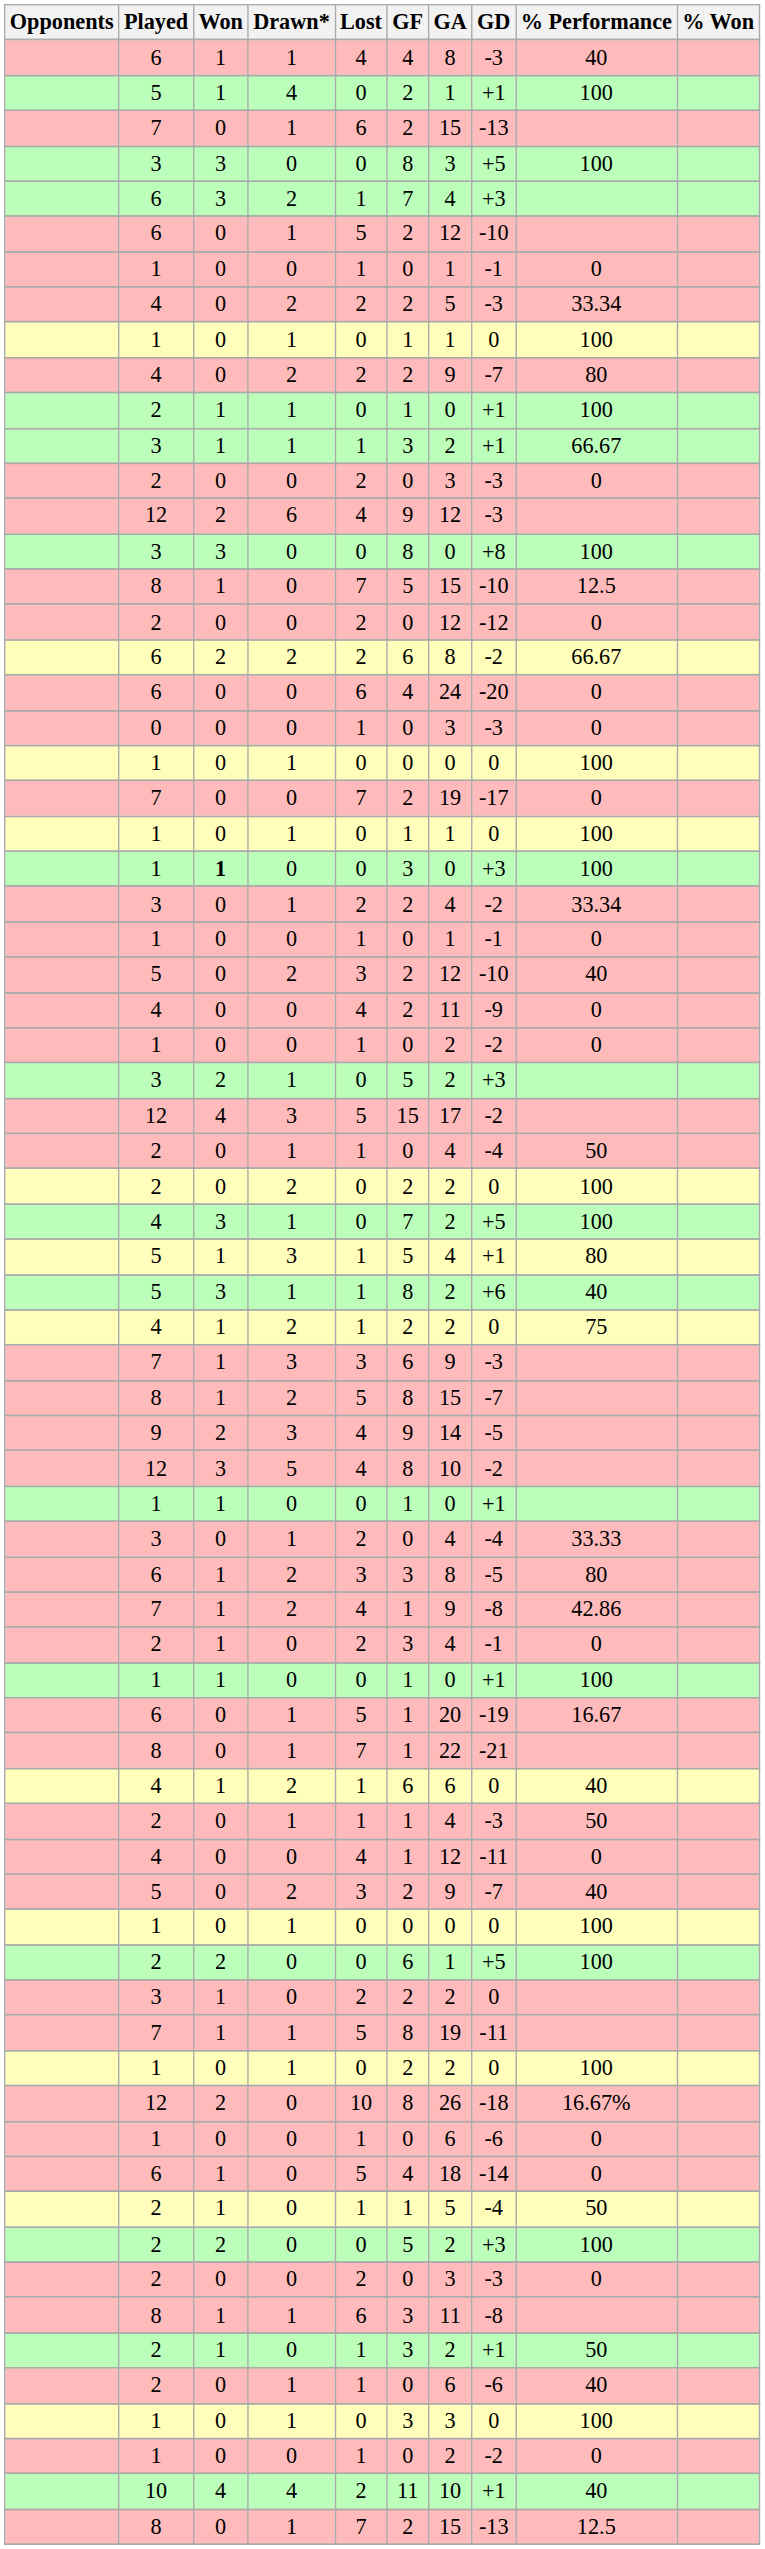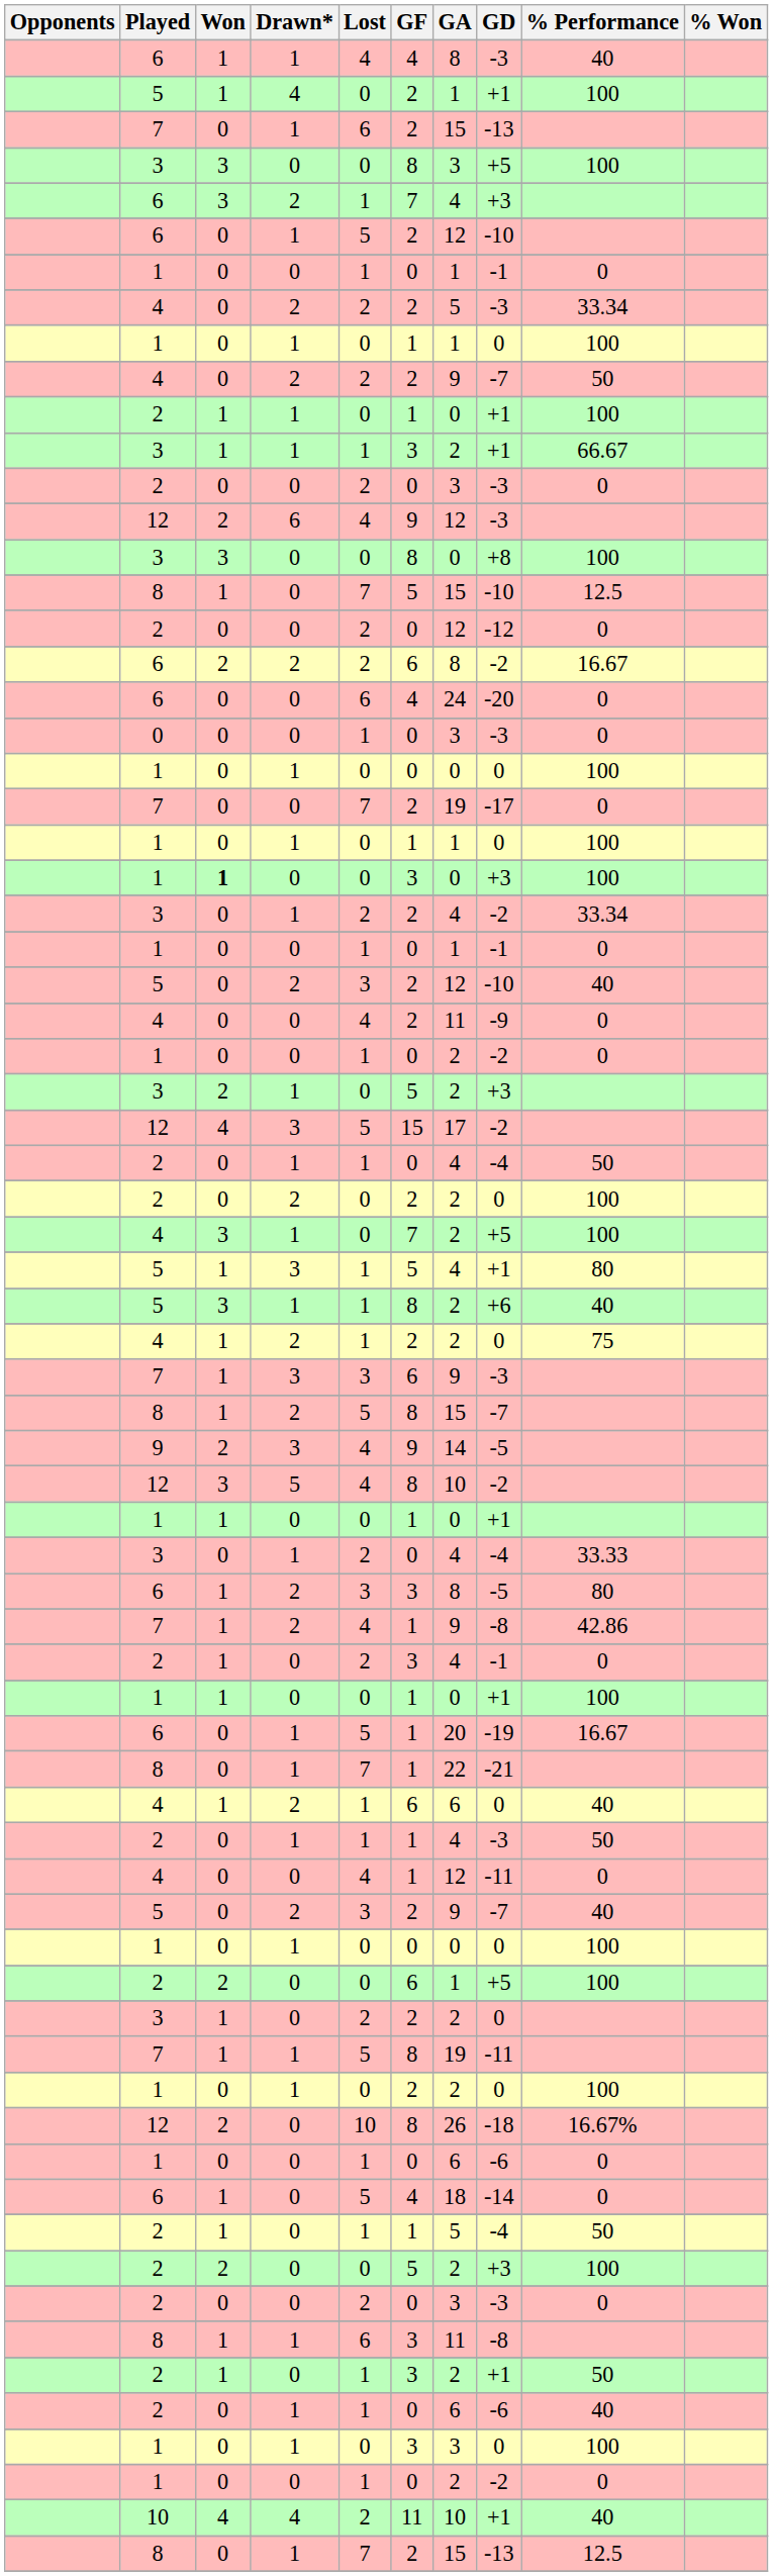 <table class="sortable wikitable" style="text-align:center">
 <tr>
 <th>Opponents</th>
 <th>Played</th>
 <th>Won</th>
 <th>Drawn*</th>
 <th>Lost</th>
 <th>GF</th>
 <th>GA</th>
 <th>GD</th>
 <th>% Performance</th>
 <th>% Won</th>
 </tr>
 <tr>
 </tr>
 <tr bgcolor=#FFBBBB>
 <td style="text-align:left;"></td>
 <td>6</td>
 <td>1</td>
 <td>1</td>
 <td>4</td>
 <td>4</td>
 <td>8</td>
 <td>-3</td>
 <td>40</td>
 <td></td>
 </tr>
 <tr>
 </tr>
 <tr bgcolor=#BBFFBB>
 <td style="text-align:left;"></td>
 <td>5</td>
 <td>1</td>
 <td>4</td>
 <td>0</td>
 <td>2</td>
 <td>1</td>
 <td>+1</td>
 <td>100</td>
 <td></td>
 </tr>
 <tr>
 </tr>
 <tr bgcolor=#FFBBBB>
 <td style="text-align:left;"></td>
 <td>7</td>
 <td>0</td>
 <td>1</td>
 <td>6</td>
 <td>2</td>
 <td>15</td>
 <td>-13</td>
 <td></td>
 <td></td>
 </tr>
 <tr>
 </tr>
 <tr bgcolor=#BBFFBB>
 <td style="text-align:left;"></td>
 <td>3</td>
 <td>3</td>
 <td>0</td>
 <td>0</td>
 <td>8</td>
 <td>3</td>
 <td>+5</td>
 <td>100</td>
 <td></td>
 </tr>
 <tr>
 </tr>
 <tr bgcolor=#BBFFBB>
 <td style="text-align:left;"></td>
 <td>6</td>
 <td>3</td>
 <td>2</td>
 <td>1</td>
 <td>7</td>
 <td>4</td>
 <td>+3</td>
 <td></td>
 <td></td>
 </tr>
 <tr>
 </tr>
 <tr bgcolor=#FFBBBB>
 <td style="text-align:left;"></td>
 <td>6</td>
 <td>0</td>
 <td>1</td>
 <td>5</td>
 <td>2</td>
 <td>12</td>
 <td>-10</td>
 <td></td>
 <td></td>
 </tr>
 <tr>
 </tr>
 <tr bgcolor=#FFBBBB>
 <td style="text-align:left;"></td>
 <td>1</td>
 <td>0</td>
 <td>0</td>
 <td>1</td>
 <td>0</td>
 <td>1</td>
 <td>-1</td>
 <td>0</td>
 <td></td>
 </tr>
 <tr>
 </tr>
 <tr bgcolor=#FFBBBB>
 <td style="text-align:left;"></td>
 <td>4</td>
 <td>0</td>
 <td>2</td>
 <td>2</td>
 <td>2</td>
 <td>5</td>
 <td>-3</td>
 <td>33.34</td>
 <td></td>
 </tr>
 <tr>
 </tr>
 <tr bgcolor=#FFFFBB>
 <td style="text-align:left;"></td>
 <td>1</td>
 <td>0</td>
 <td>1</td>
 <td>0</td>
 <td>1</td>
 <td>1</td>
 <td>0</td>
 <td>100</td>
 <td></td>
 </tr>
 <tr>
 </tr>
 <tr bgcolor=#FFBBBB>
 <td style="text-align:left;"></td>
 <td>4</td>
 <td>0</td>
 <td>2</td>
 <td>2</td>
 <td>2</td>
 <td>9</td>
 <td>-7</td>
-<td>80</td>
+<td>50</td>
 <td></td>
 </tr>
 <tr>
 </tr>
 <tr bgcolor=#BBFFBB>
 <td style="text-align:left;"></td>
 <td>2</td>
 <td>1</td>
 <td>1</td>
 <td>0</td>
 <td>1</td>
 <td>0</td>
 <td>+1</td>
 <td>100</td>
 <td></td>
 </tr>
 <tr>
 </tr>
 <tr bgcolor=#BBFFBB>
 <td style="text-align:left;"></td>
 <td>3</td>
 <td>1</td>
 <td>1</td>
 <td>1</td>
 <td>3</td>
 <td>2</td>
 <td>+1</td>
 <td>66.67</td>
 <td></td>
 </tr>
 <tr>
 </tr>
 <tr bgcolor=#FFBBBB>
 <td style="text-align:left;"></td>
 <td>2</td>
 <td>0</td>
 <td>0</td>
 <td>2</td>
 <td>0</td>
 <td>3</td>
 <td>-3</td>
 <td>0</td>
 <td></td>
 </tr>
 <tr>
 </tr>
 <tr bgcolor=#FFBBBB>
 <td style="text-align:left;"></td>
 <td>12</td>
 <td>2</td>
 <td>6</td>
 <td>4</td>
 <td>9</td>
 <td>12</td>
 <td>-3</td>
 <td></td>
 <td></td>
 </tr>
 <tr>
 </tr>
 <tr bgcolor=#BBFFBB>
 <td style="text-align:left;"></td>
 <td>3</td>
 <td>3</td>
 <td>0</td>
 <td>0</td>
 <td>8</td>
 <td>0</td>
 <td>+8</td>
 <td>100</td>
 <td></td>
 </tr>
 <tr>
 </tr>
 <tr bgcolor=#FFBBBB>
 <td style="text-align:left;"></td>
 <td>8</td>
 <td>1</td>
 <td>0</td>
 <td>7</td>
 <td>5</td>
 <td>15</td>
 <td>-10</td>
 <td>12.5</td>
 <td></td>
 </tr>
 <tr>
 </tr>
 <tr bgcolor=#FFBBBB>
 <td style="text-align:left;"></td>
 <td>2</td>
 <td>0</td>
 <td>0</td>
 <td>2</td>
 <td>0</td>
 <td>12</td>
 <td>-12</td>
 <td>0</td>
 <td></td>
 </tr>
 <tr>
 </tr>
 <tr bgcolor=#FFFFBB>
 <td style="text-align:left;"></td>
 <td>6</td>
 <td>2</td>
 <td>2</td>
 <td>2</td>
 <td>6</td>
 <td>8</td>
 <td>-2</td>
-<td>66.67</td>
+<td>16.67</td>
 <td></td>
 </tr>
 <tr>
 </tr>
 <tr bgcolor=#FFBBBB>
 <td style="text-align:left;"></td>
 <td>6</td>
 <td>0</td>
 <td>0</td>
 <td>6</td>
 <td>4</td>
 <td>24</td>
 <td>-20</td>
 <td>0</td>
 <td></td>
 </tr>
 <tr>
 </tr>
 <tr bgcolor=#FFBBBB>
 <td style="text-align:left;"></td>
 <td>0</td>
 <td>0</td>
 <td>0</td>
 <td>1</td>
 <td>0</td>
 <td>3</td>
 <td>-3</td>
 <td>0</td>
 <td></td>
 </tr>
 <tr>
 </tr>
 <tr bgcolor=#FFFFBB>
 <td style="text-align:left;"></td>
 <td>1</td>
 <td>0</td>
 <td>1</td>
 <td>0</td>
 <td>0</td>
 <td>0</td>
 <td>0</td>
 <td>100</td>
 <td></td>
 </tr>
 <tr>
 </tr>
 <tr bgcolor=#FFBBBB>
 <td style="text-align:left;"></td>
 <td>7</td>
 <td>0</td>
 <td>0</td>
 <td>7</td>
 <td>2</td>
 <td>19</td>
 <td>-17</td>
 <td>0</td>
 <td></td>
 </tr>
 <tr>
 </tr>
 <tr bgcolor=#FFFFBB>
 <td style="text-align:left;"></td>
 <td>1</td>
 <td>0</td>
 <td>1</td>
 <td>0</td>
 <td>1</td>
 <td>1</td>
 <td>0</td>
 <td>100</td>
 <td></td>
 </tr>
 <tr>
 </tr>
 <tr bgcolor=#BBFFBB>
 <td style="text-align:left;"></td>
 <td>1</td>
 <td><strong>1</strong></td>
 <td>0</td>
 <td>0</td>
 <td>3</td>
 <td>0</td>
 <td>+3</td>
 <td>100</td>
 <td></td>
 </tr>
 <tr>
 </tr>
 <tr bgcolor=#FFBBBB>
 <td style="text-align:left;"></td>
 <td>3</td>
 <td>0</td>
 <td>1</td>
 <td>2</td>
 <td>2</td>
 <td>4</td>
 <td>-2</td>
 <td>33.34</td>
 <td></td>
 </tr>
 <tr>
 </tr>
 <tr bgcolor=#FFBBBB>
 <td style="text-align:left;"></td>
 <td>1</td>
 <td>0</td>
 <td>0</td>
 <td>1</td>
 <td>0</td>
 <td>1</td>
 <td>-1</td>
 <td>0</td>
 <td></td>
 </tr>
 <tr>
 </tr>
 <tr bgcolor=#FFBBBB>
 <td style="text-align:left;"></td>
 <td>5</td>
 <td>0</td>
 <td>2</td>
 <td>3</td>
 <td>2</td>
 <td>12</td>
 <td>-10</td>
 <td>40</td>
 <td></td>
 </tr>
 <tr>
 </tr>
 <tr bgcolor=#FFBBBB>
 <td style="text-align:left;"></td>
 <td>4</td>
 <td>0</td>
 <td>0</td>
 <td>4</td>
 <td>2</td>
 <td>11</td>
 <td>-9</td>
 <td>0</td>
 <td></td>
 </tr>
 <tr>
 </tr>
 <tr bgcolor=#FFBBBB>
 <td style="text-align:left;"></td>
 <td>1</td>
 <td>0</td>
 <td>0</td>
 <td>1</td>
 <td>0</td>
 <td>2</td>
 <td>-2</td>
 <td>0</td>
 <td></td>
 </tr>
 <tr>
 </tr>
 <tr bgcolor=#BBFFBB>
 <td style="text-align:left;"></td>
 <td>3</td>
 <td>2</td>
 <td>1</td>
 <td>0</td>
 <td>5</td>
 <td>2</td>
 <td>+3</td>
 <td></td>
 <td></td>
 </tr>
 <tr>
 </tr>
 <tr bgcolor=#FFBBBB>
 <td style="text-align:left;"></td>
 <td>12</td>
 <td>4</td>
 <td>3</td>
 <td>5</td>
 <td>15</td>
 <td>17</td>
 <td>-2</td>
 <td></td>
 <td></td>
 </tr>
 <tr>
 </tr>
 <tr bgcolor=#FFBBBB>
 <td style="text-align:left;"></td>
 <td>2</td>
 <td>0</td>
 <td>1</td>
 <td>1</td>
 <td>0</td>
 <td>4</td>
 <td>-4</td>
 <td>50</td>
 <td></td>
 </tr>
 <tr>
 </tr>
 <tr bgcolor=#FFFFBB>
 <td style="text-align:left;"></td>
 <td>2</td>
 <td>0</td>
 <td>2</td>
 <td>0</td>
 <td>2</td>
 <td>2</td>
 <td>0</td>
 <td>100</td>
 <td></td>
 </tr>
 <tr>
 </tr>
 <tr bgcolor=#BBFFBB>
 <td style="text-align:left;"></td>
 <td>4</td>
 <td>3</td>
 <td>1</td>
 <td>0</td>
 <td>7</td>
 <td>2</td>
 <td>+5</td>
 <td>100</td>
 <td></td>
 </tr>
 <tr>
 </tr>
 <tr bgcolor=#FFFFBB>
 <td style="text-align:left;"></td>
 <td>5</td>
 <td>1</td>
 <td>3</td>
 <td>1</td>
 <td>5</td>
 <td>4</td>
 <td>+1</td>
 <td>80</td>
 <td></td>
 </tr>
 <tr>
 </tr>
 <tr bgcolor=#BBFFBB>
 <td style="text-align:left;"></td>
 <td>5</td>
 <td>3</td>
 <td>1</td>
 <td>1</td>
 <td>8</td>
 <td>2</td>
 <td>+6</td>
 <td>40</td>
 <td></td>
 </tr>
 <tr>
 </tr>
 <tr bgcolor=#FFFFBB>
 <td style="text-align:left;"></td>
 <td>4</td>
 <td>1</td>
 <td>2</td>
 <td>1</td>
 <td>2</td>
 <td>2</td>
 <td>0</td>
 <td>75</td>
 <td></td>
 </tr>
 <tr>
 </tr>
 <tr bgcolor=#FFBBBB>
 <td style="text-align:left;"></td>
 <td>7</td>
 <td>1</td>
 <td>3</td>
 <td>3</td>
 <td>6</td>
 <td>9</td>
 <td>-3</td>
 <td></td>
 <td></td>
 </tr>
 <tr>
 </tr>
 <tr bgcolor=#FFBBBB>
 <td style="text-align:left;"></td>
 <td>8</td>
 <td>1</td>
 <td>2</td>
 <td>5</td>
 <td>8</td>
 <td>15</td>
 <td>-7</td>
 <td></td>
 <td></td>
 </tr>
 <tr>
 </tr>
 <tr bgcolor=#FFBBBB>
 <td style="text-align:left;"></td>
 <td>9</td>
 <td>2</td>
 <td>3</td>
 <td>4</td>
 <td>9</td>
 <td>14</td>
 <td>-5</td>
 <td></td>
 <td></td>
 </tr>
 <tr>
 </tr>
 <tr bgcolor=#FFBBBB>
 <td style="text-align:left;"></td>
 <td>12</td>
 <td>3</td>
 <td>5</td>
 <td>4</td>
 <td>8</td>
 <td>10</td>
 <td>-2</td>
 <td></td>
 <td></td>
 </tr>
 <tr>
 </tr>
 <tr bgcolor=#BBFFBB>
 <td style="text-align:left;"></td>
 <td>1</td>
 <td>1</td>
 <td>0</td>
 <td>0</td>
 <td>1</td>
 <td>0</td>
 <td>+1</td>
 <td></td>
 <td></td>
 </tr>
 <tr>
 </tr>
 <tr bgcolor=#FFBBBB>
 <td style="text-align:left;"></td>
 <td>3</td>
 <td>0</td>
 <td>1</td>
 <td>2</td>
 <td>0</td>
 <td>4</td>
 <td>-4</td>
 <td>33.33</td>
 <td></td>
 </tr>
 <tr>
 </tr>
 <tr bgcolor=#FFBBBB>
 <td style="text-align:left;"></td>
 <td>6</td>
 <td>1</td>
 <td>2</td>
 <td>3</td>
 <td>3</td>
 <td>8</td>
 <td>-5</td>
 <td>80</td>
 <td></td>
 </tr>
 <tr>
 </tr>
 <tr bgcolor=#FFBBBB>
 <td style="text-align:left;"></td>
 <td>7</td>
 <td>1</td>
 <td>2</td>
 <td>4</td>
 <td>1</td>
 <td>9</td>
 <td>-8</td>
 <td>42.86</td>
 <td></td>
 </tr>
 <tr>
 </tr>
 <tr bgcolor=#FFBBBB>
 <td style="text-align:left;"></td>
 <td>2</td>
 <td>1</td>
 <td>0</td>
 <td>2</td>
 <td>3</td>
 <td>4</td>
 <td>-1</td>
 <td>0</td>
 <td></td>
 </tr>
 <tr>
 </tr>
 <tr bgcolor=#BBFFBB>
 <td style="text-align:left;"></td>
 <td>1</td>
 <td>1</td>
 <td>0</td>
 <td>0</td>
 <td>1</td>
 <td>0</td>
 <td>+1</td>
 <td>100</td>
 <td></td>
 </tr>
 <tr>
 </tr>
 <tr bgcolor=#FFBBBB>
 <td style="text-align:left;"></td>
 <td>6</td>
 <td>0</td>
 <td>1</td>
 <td>5</td>
 <td>1</td>
 <td>20</td>
 <td>-19</td>
 <td>16.67</td>
 <td></td>
 </tr>
 <tr>
 </tr>
 <tr bgcolor=#FFBBBB>
 <td style="text-align:left;"></td>
 <td>8</td>
 <td>0</td>
 <td>1</td>
 <td>7</td>
 <td>1</td>
 <td>22</td>
 <td>-21</td>
 <td></td>
 <td></td>
 </tr>
 <tr>
 </tr>
 <tr bgcolor=#FFFFBB>
 <td style="text-align:left;"></td>
 <td>4</td>
 <td>1</td>
 <td>2</td>
 <td>1</td>
 <td>6</td>
 <td>6</td>
 <td>0</td>
 <td>40</td>
 <td></td>
 </tr>
 <tr>
 </tr>
 <tr bgcolor=#FFBBBB>
 <td style="text-align:left;"></td>
 <td>2</td>
 <td>0</td>
 <td>1</td>
 <td>1</td>
 <td>1</td>
 <td>4</td>
 <td>-3</td>
 <td>50</td>
 <td></td>
 </tr>
 <tr>
 </tr>
 <tr bgcolor=#FFBBBB>
 <td style="text-align:left;"></td>
 <td>4</td>
 <td>0</td>
 <td>0</td>
 <td>4</td>
 <td>1</td>
 <td>12</td>
 <td>-11</td>
 <td>0</td>
 <td></td>
 </tr>
 <tr>
 </tr>
 <tr bgcolor=#FFBBBB>
 <td style="text-align:left;"></td>
 <td>5</td>
 <td>0</td>
 <td>2</td>
 <td>3</td>
 <td>2</td>
 <td>9</td>
 <td>-7</td>
 <td>40</td>
 <td></td>
 </tr>
 <tr>
 </tr>
 <tr bgcolor=#FFFFBB>
 <td style="text-align:left;"></td>
 <td>1</td>
 <td>0</td>
 <td>1</td>
 <td>0</td>
 <td>0</td>
 <td>0</td>
 <td>0</td>
 <td>100</td>
 <td></td>
 </tr>
 <tr>
 </tr>
 <tr bgcolor=#BBFFBB>
 <td style="text-align:left;"></td>
 <td>2</td>
 <td>2</td>
 <td>0</td>
 <td>0</td>
 <td>6</td>
 <td>1</td>
 <td>+5</td>
 <td>100</td>
 <td></td>
 </tr>
 <tr>
 </tr>
 <tr bgcolor=#FFBBBB>
 <td style="text-align:left;"> </td>
 <td>3</td>
 <td>1</td>
 <td>0</td>
 <td>2</td>
 <td>2</td>
 <td>2</td>
 <td>0</td>
 <td></td>
 <td></td>
 </tr>
 <tr>
 </tr>
 <tr bgcolor=#FFBBBB>
 <td style="text-align:left;"> </td>
 <td>7</td>
 <td>1</td>
 <td>1</td>
 <td>5</td>
 <td>8</td>
 <td>19</td>
 <td>-11</td>
 <td></td>
 <td></td>
 </tr>
 <tr>
 </tr>
 <tr bgcolor=#FFFFBB>
 <td style="text-align:left;"></td>
 <td>1</td>
 <td>0</td>
 <td>1</td>
 <td>0</td>
 <td>2</td>
 <td>2</td>
 <td>0</td>
 <td>100</td>
 <td></td>
 </tr>
 <tr>
 </tr>
 <tr bgcolor=#FFBBBB>
 <td style="text-align:left;"></td>
 <td>12</td>
 <td>2</td>
 <td>0</td>
 <td>10</td>
 <td>8</td>
 <td>26</td>
 <td>-18</td>
 <td>16.67%</td>
 <td></td>
 </tr>
 <tr>
 </tr>
 <tr bgcolor=#FFBBBB>
 <td style="text-align:left;"></td>
 <td>1</td>
 <td>0</td>
 <td>0</td>
 <td>1</td>
 <td>0</td>
 <td>6</td>
 <td>-6</td>
 <td>0</td>
 <td></td>
 </tr>
 <tr>
 </tr>
 <tr bgcolor=#FFBBBB>
 <td style="text-align:left;"></td>
 <td>6</td>
 <td>1</td>
 <td>0</td>
 <td>5</td>
 <td>4</td>
 <td>18</td>
 <td>-14</td>
 <td>0</td>
 <td></td>
 </tr>
 <tr>
 </tr>
 <tr bgcolor=#FFFFBB>
 <td style="text-align:left;"></td>
 <td>2</td>
 <td>1</td>
 <td>0</td>
 <td>1</td>
 <td>1</td>
 <td>5</td>
 <td>-4</td>
 <td>50</td>
 <td></td>
 </tr>
 <tr>
 </tr>
 <tr bgcolor=#BBFFBB>
 <td style="text-align:left;"></td>
 <td>2</td>
 <td>2</td>
 <td>0</td>
 <td>0</td>
 <td>5</td>
 <td>2</td>
 <td>+3</td>
 <td>100</td>
 <td></td>
 </tr>
 <tr>
 </tr>
 <tr bgcolor=#FFBBBB>
 <td style="text-align:left;"></td>
 <td>2</td>
 <td>0</td>
 <td>0</td>
 <td>2</td>
 <td>0</td>
 <td>3</td>
 <td>-3</td>
 <td>0</td>
 <td></td>
 </tr>
 <tr>
 </tr>
 <tr bgcolor=#FFBBBB>
 <td style="text-align:left;"></td>
 <td>8</td>
 <td>1</td>
 <td>1</td>
 <td>6</td>
 <td>3</td>
 <td>11</td>
 <td>-8</td>
 <td></td>
 <td></td>
 </tr>
 <tr>
 </tr>
 <tr bgcolor=#BBFFBB>
 <td style="text-align:left;"></td>
 <td>2</td>
 <td>1</td>
 <td>0</td>
 <td>1</td>
 <td>3</td>
 <td>2</td>
 <td>+1</td>
 <td>50</td>
 <td></td>
 </tr>
 <tr>
 </tr>
 <tr bgcolor=#FFBBBB>
 <td style="text-align:left;"></td>
 <td>2</td>
 <td>0</td>
 <td>1</td>
 <td>1</td>
 <td>0</td>
 <td>6</td>
 <td>-6</td>
 <td>40</td>
 <td></td>
 </tr>
 <tr>
 </tr>
 <tr bgcolor=#FFFFBB>
 <td style="text-align:left;"></td>
 <td>1</td>
 <td>0</td>
 <td>1</td>
 <td>0</td>
 <td>3</td>
 <td>3</td>
 <td>0</td>
 <td>100</td>
 <td></td>
 </tr>
 <tr>
 </tr>
 <tr bgcolor=#FFBBBB>
 <td style="text-align:left;"></td>
 <td>1</td>
 <td>0</td>
 <td>0</td>
 <td>1</td>
 <td>0</td>
 <td>2</td>
 <td>-2</td>
 <td>0</td>
 <td></td>
 </tr>
 <tr>
 </tr>
 <tr bgcolor=#BBFFBB>
 <td style="text-align:left;"></td>
 <td>10</td>
 <td>4</td>
 <td>4</td>
 <td>2</td>
 <td>11</td>
 <td>10</td>
 <td>+1</td>
 <td>40</td>
 <td></td>
 </tr>
 <tr>
 </tr>
 <tr bgcolor=#FFBBBB>
 <td style="text-align:left;"></td>
 <td>8</td>
 <td>0</td>
 <td>1</td>
 <td>7</td>
 <td>2</td>
 <td>15</td>
 <td>-13</td>
 <td>12.5</td>
 <td></td>
 </tr>
 <tr class="sortbottom">
 </tr>
 </table>
